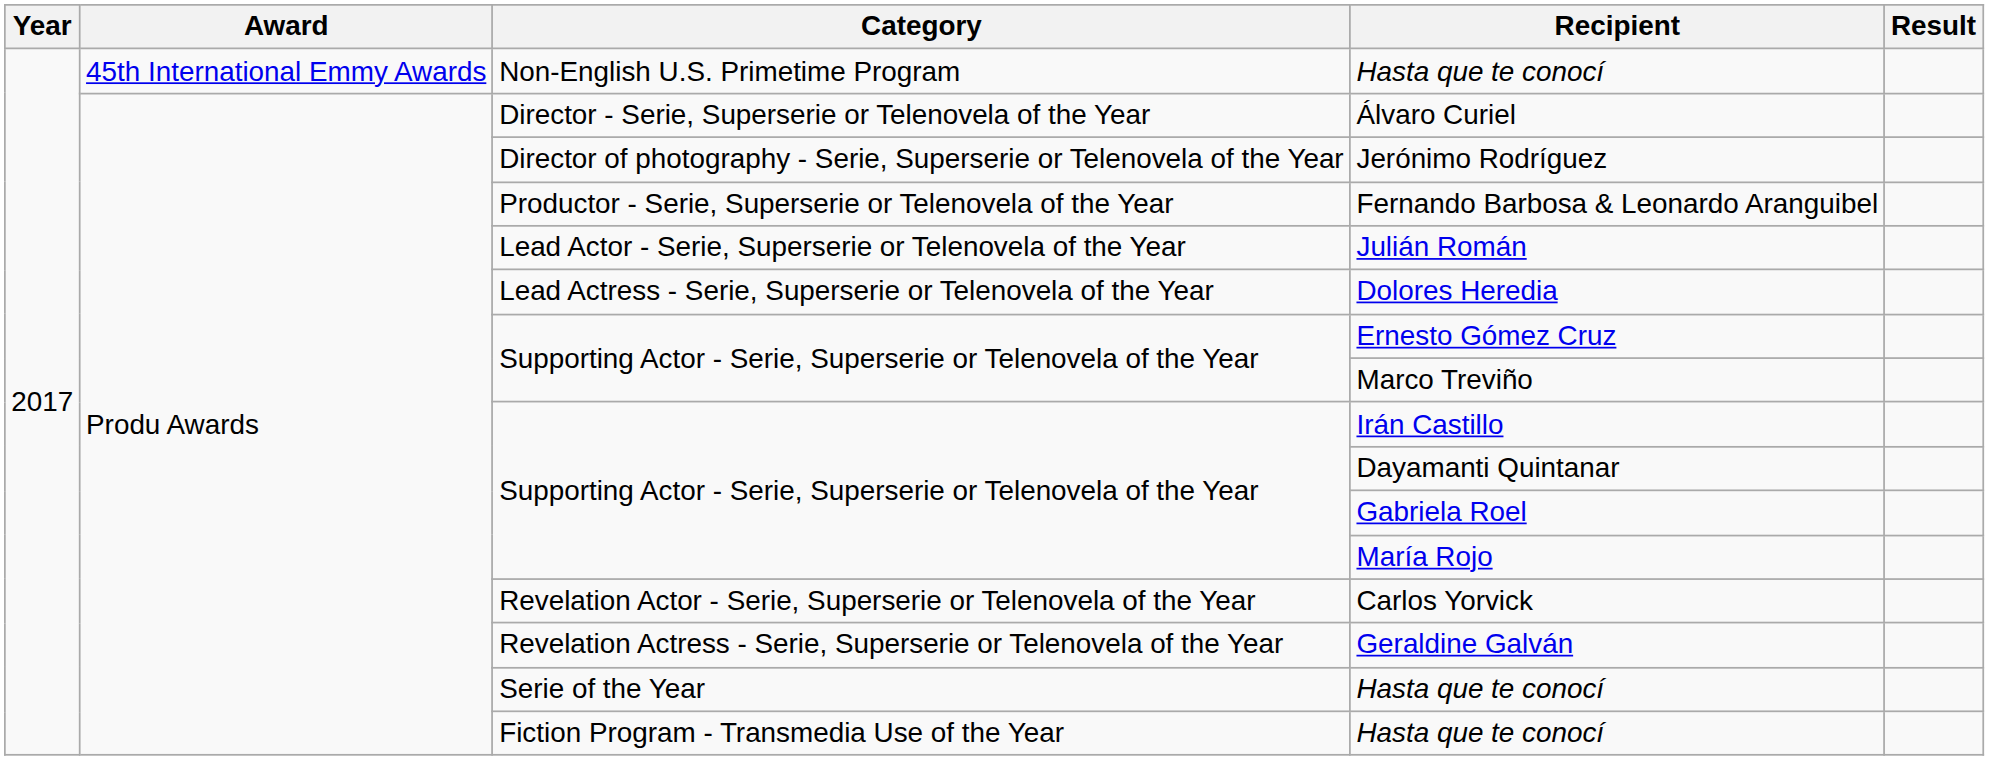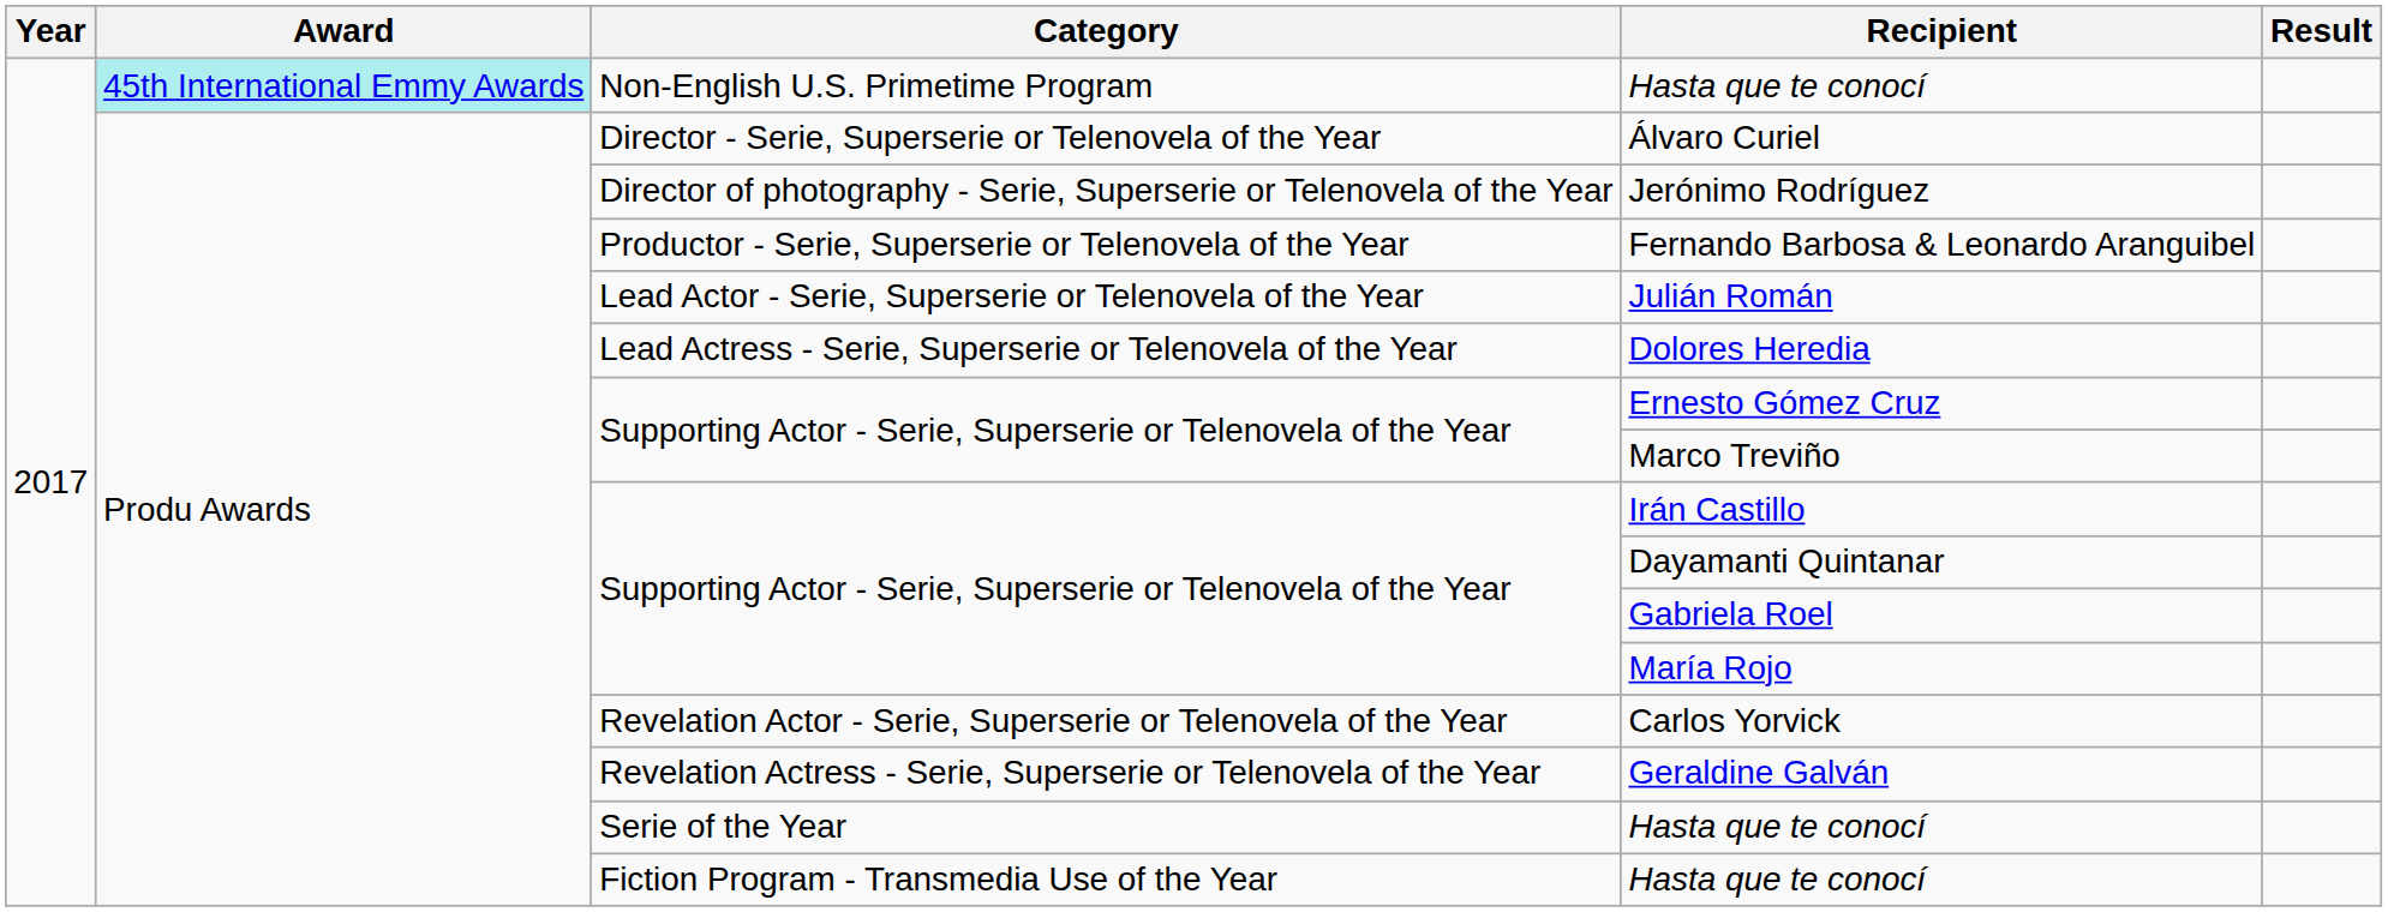 <table class="wikitable plainrowheaders">
 <tr>
 <th scope="col">Year</th>
 <th scope="col">Award</th>
 <th scope="col">Category</th>
 <th scope="col">Recipient</th>
 <th scope="col">Result</th>
 </tr>
 <tr>
 <td rowspan="16">2017</td>
-<td><a href='#'>45th International Emmy Awards</a></td>
+<td style="background: paleturquoise;"><a href='#'>45th International Emmy Awards</a></td>
 <td>Non-English U.S. Primetime Program</td>
 <td><em>Hasta que te conocí</em></td>
 <td></td>
 </tr>
 <tr>
 <td rowspan="15">Produ Awards</td>
 <td>Director - Serie, Superserie or Telenovela of the Year</td>
 <td>Álvaro Curiel</td>
 <td></td>
 </tr>
 <tr>
 <td>Director of photography - Serie, Superserie or Telenovela of the Year</td>
 <td>Jerónimo Rodríguez</td>
 <td></td>
 </tr>
 <tr>
 <td>Productor - Serie, Superserie or Telenovela of the Year</td>
 <td>Fernando Barbosa & Leonardo Aranguibel</td>
 <td></td>
 </tr>
 <tr>
 <td>Lead Actor - Serie, Superserie or Telenovela of the Year</td>
 <td><a href='#'>Julián Román</a></td>
 <td></td>
 </tr>
 <tr>
 <td>Lead Actress - Serie, Superserie or Telenovela of the Year</td>
 <td><a href='#'>Dolores Heredia</a></td>
 <td></td>
 </tr>
 <tr>
 <td rowspan="2">Supporting Actor - Serie, Superserie or Telenovela of the Year</td>
 <td><a href='#'>Ernesto Gómez Cruz</a></td>
 <td></td>
 </tr>
 <tr>
 <td>Marco Treviño</td>
 <td></td>
 </tr>
 <tr>
 <td rowspan="4">Supporting Actor - Serie, Superserie or Telenovela of the Year</td>
 <td><a href='#'>Irán Castillo</a></td>
 <td></td>
 </tr>
 <tr>
 <td>Dayamanti Quintanar</td>
 <td></td>
 </tr>
 <tr>
 <td><a href='#'>Gabriela Roel</a></td>
 <td></td>
 </tr>
 <tr>
 <td><a href='#'>María Rojo</a></td>
 <td></td>
 </tr>
 <tr>
 <td>Revelation Actor - Serie, Superserie or Telenovela of the Year</td>
 <td>Carlos Yorvick</td>
 <td></td>
 </tr>
 <tr>
 <td>Revelation Actress - Serie, Superserie or Telenovela of the Year</td>
 <td><a href='#'>Geraldine Galván</a></td>
 <td></td>
 </tr>
 <tr>
 <td>Serie of the Year</td>
 <td><em>Hasta que te conocí</em></td>
 <td></td>
 </tr>
 <tr>
 <td>Fiction Program - Transmedia Use of the Year</td>
 <td><em>Hasta que te conocí</em></td>
 <td></td>
 </tr>
 </table>
